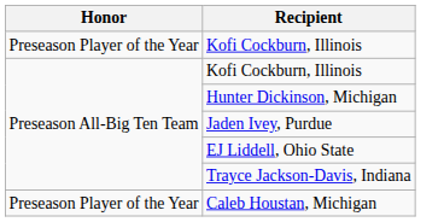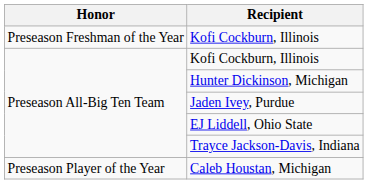 <table class="wikitable" border="1">
 <tr>
 <th>Honor</th>
 <th>Recipient</th>
 </tr>
 <tr>
-<td>Preseason Player of the Year</td>
+<td>Preseason Freshman of the Year</td>
 <td><a href='#'>Kofi Cockburn</a>, Illinois</td>
 </tr>
 <tr>
 <td rowspan=5 valign=middle>Preseason All-Big Ten Team</td>
 <td>Kofi Cockburn, Illinois</td>
 </tr>
 <tr>
 <td><a href='#'>Hunter Dickinson</a>, Michigan</td>
 </tr>
 <tr>
 <td><a href='#'>Jaden Ivey</a>, Purdue</td>
 </tr>
 <tr>
 <td><a href='#'>EJ Liddell</a>, Ohio State</td>
 </tr>
 <tr>
 <td><a href='#'>Trayce Jackson-Davis</a>, Indiana</td>
 </tr>
 <tr>
 <td>Preseason Player of the Year</td>
 <td><a href='#'>Caleb Houstan</a>, Michigan</td>
 </tr>
 </table>
